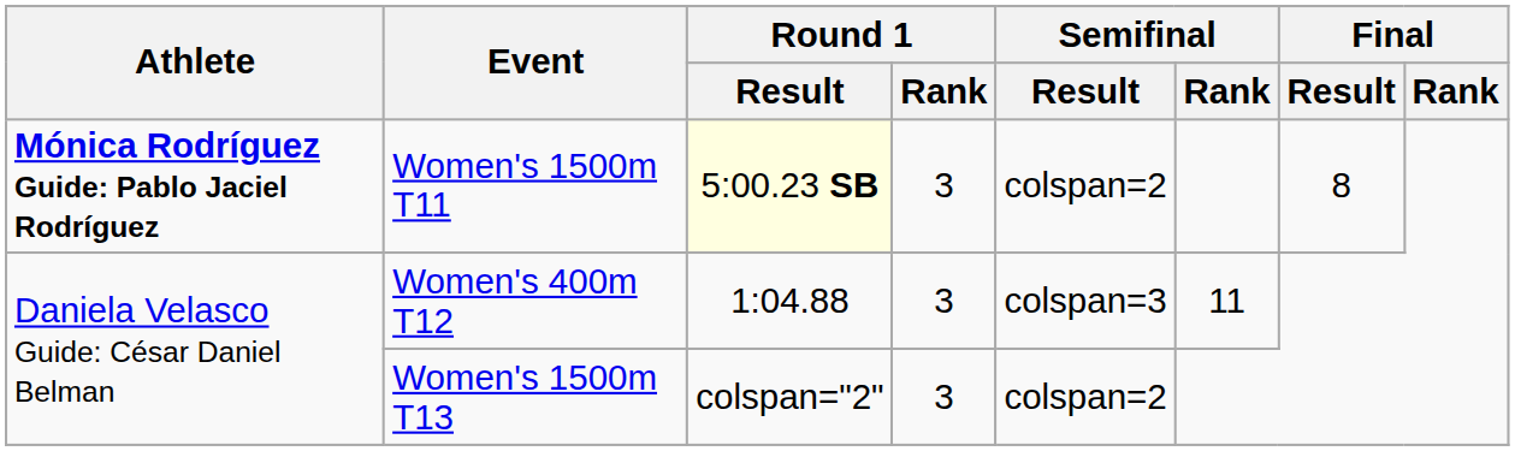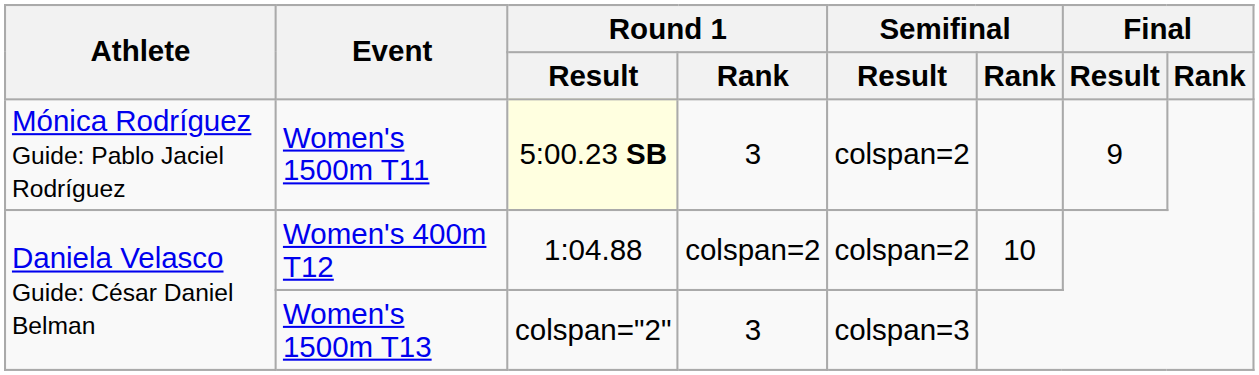 <table class="wikitable" style="font-size:90%; text-align:center">
 <tr>
 <th rowspan="2">Athlete</th>
 <th rowspan="2">Event</th>
 <th colspan="2">Round 1</th>
 <th colspan="2">Semifinal</th>
 <th colspan="2">Final</th>
 </tr>
 <tr>
 <th>Result</th>
 <th>Rank</th>
 <th>Result</th>
 <th>Rank</th>
 <th>Result</th>
 <th>Rank</th>
 </tr>
 <tr align=center>
-<td align=left><strong><a href='#'>Mónica Rodríguez</a><br><small>Guide: Pablo Jaciel Rodríguez</small></strong></td>
+<td align=left><a href='#'>Mónica Rodríguez</a><br><small>Guide: Pablo Jaciel Rodríguez</small></td>
 <td align=left><a href='#'>Women's 1500m T11</a></td>
 <td style="background: lightyellow;">5:00.23 <strong>SB</strong></td>
 <td>3</td>
 <td>colspan=2</td>
 <td></td>
-<td>8</td>
+<td>9</td>
 </tr>
 <tr align=center>
 <td align=left rowspan="2"><a href='#'>Daniela Velasco</a><br><small>Guide: César Daniel Belman</small></td>
 <td align=left><a href='#'>Women's 400m T12</a></td>
 <td>1:04.88</td>
-<td>3</td>
-<td>colspan=3</td>
-<td>11</td>
+<td>colspan=2</td>
+<td>colspan=2</td>
+<td>10</td>
 </tr>
 <tr align=center>
 <td align=left><a href='#'>Women's 1500m T13</a></td>
 <td>colspan="2" </td>
 <td>3</td>
-<td>colspan=2</td>
+<td>colspan=3</td>
 </tr>
 </table>
